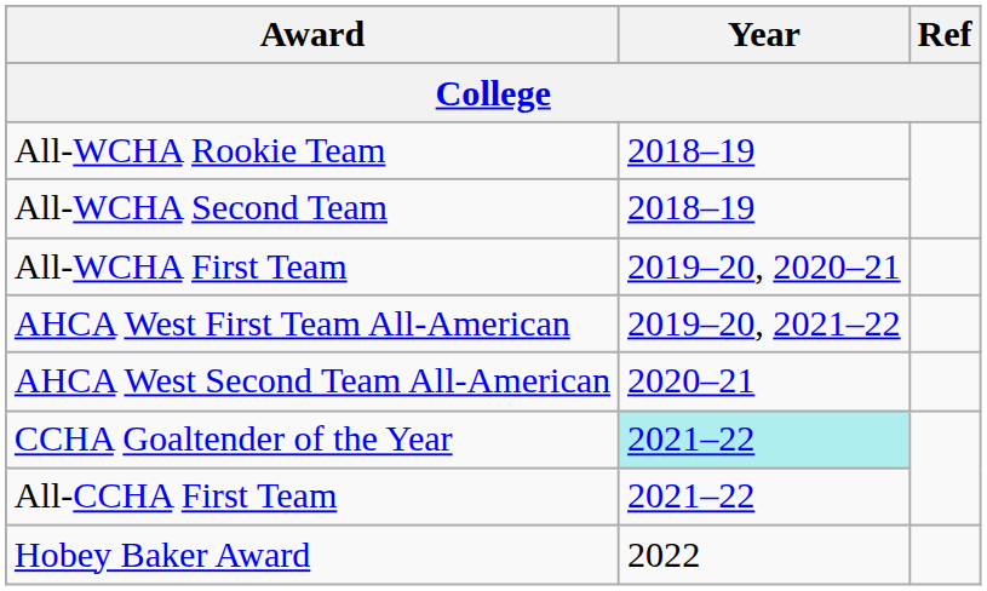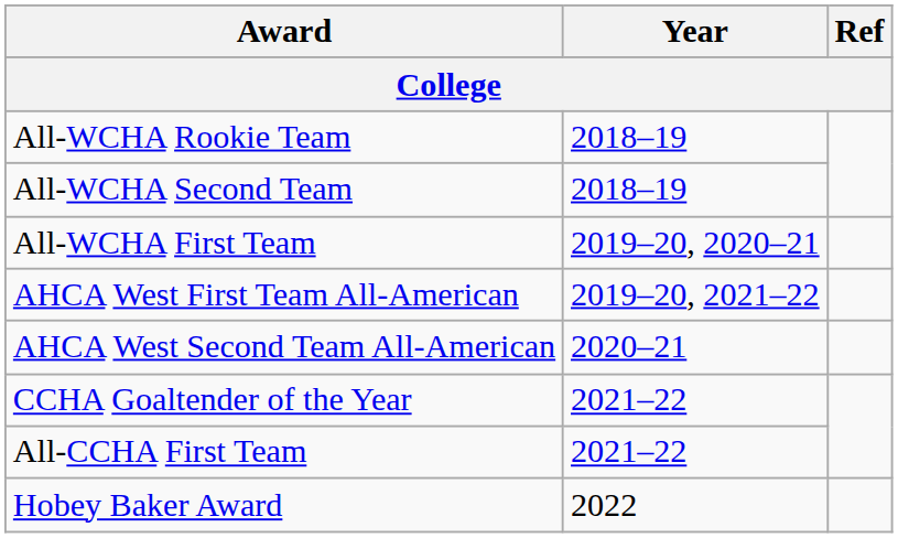 <table class="wikitable">
 <tr>
 <th>Award</th>
 <th>Year</th>
 <th>Ref</th>
 </tr>
 <tr>
 <th colspan="3"><a href='#'>College</a></th>
 </tr>
 <tr>
 <td>All-<a href='#'>WCHA</a> <a href='#'>Rookie Team</a></td>
 <td><a href='#'>2018–19</a></td>
 <td rowspan="2"></td>
 </tr>
 <tr>
 <td>All-<a href='#'>WCHA</a> <a href='#'>Second Team</a></td>
 <td><a href='#'>2018–19</a></td>
 </tr>
 <tr>
 <td>All-<a href='#'>WCHA</a> <a href='#'>First Team</a></td>
 <td><a href='#'>2019–20</a>, <a href='#'>2020–21</a></td>
 <td></td>
 </tr>
 <tr>
 <td><a href='#'>AHCA</a> <a href='#'>West First Team All-American</a></td>
 <td><a href='#'>2019–20</a>, <a href='#'>2021–22</a></td>
 <td></td>
 </tr>
 <tr>
 <td><a href='#'>AHCA</a> <a href='#'>West Second Team All-American</a></td>
 <td><a href='#'>2020–21</a></td>
 <td></td>
 </tr>
 <tr>
 <td><a href='#'>CCHA</a> <a href='#'>Goaltender of the Year</a></td>
-<td style="background: paleturquoise;"><a href='#'>2021–22</a></td>
+<td><a href='#'>2021–22</a></td>
 <td rowspan="2"></td>
 </tr>
 <tr>
 <td>All-<a href='#'>CCHA</a> <a href='#'>First Team</a></td>
 <td><a href='#'>2021–22</a></td>
 </tr>
 <tr>
 <td><a href='#'>Hobey Baker Award</a></td>
 <td>2022</td>
 <td></td>
 </tr>
 </table>
